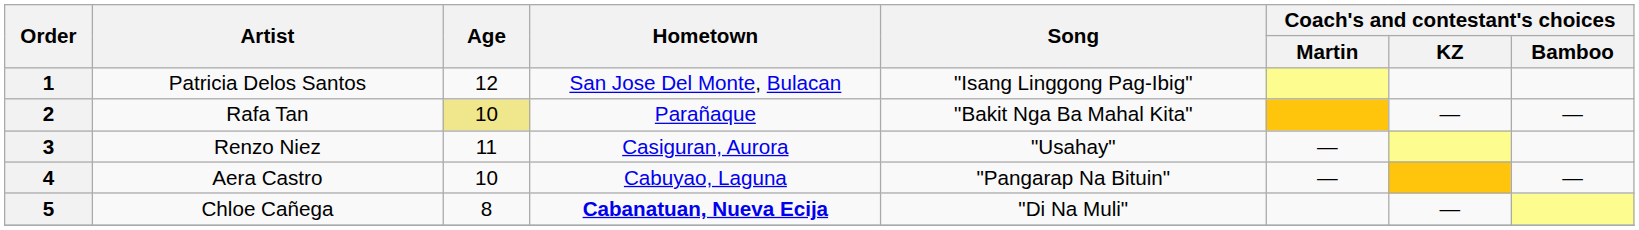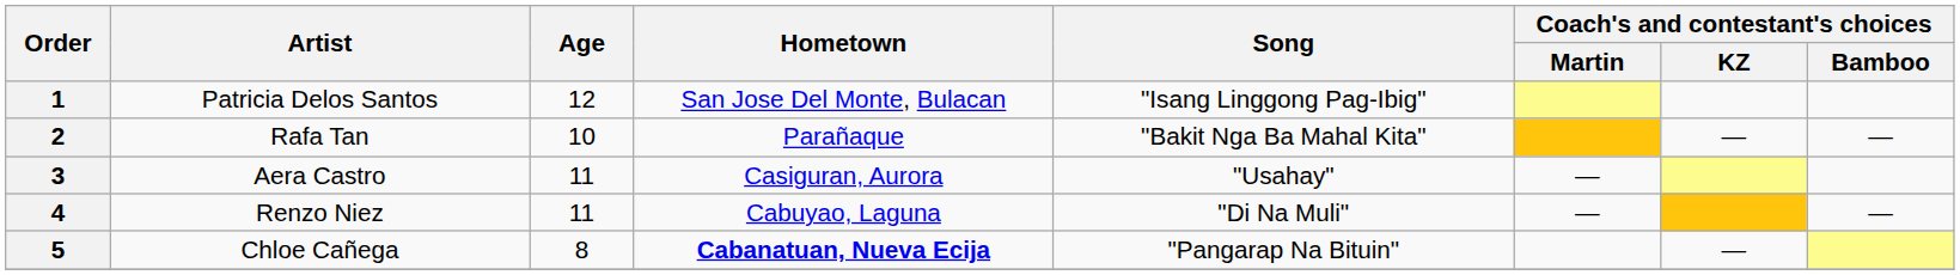 <table class="wikitable" style="text-align:center; line-height:17px; width:100%;">
 <tr>
 <th rowspan="2" scope="col" width="05%">Order</th>
 <th rowspan="2" scope="col" width="20%">Artist</th>
 <th rowspan="2" scope="col" width="05%">Age</th>
 <th rowspan="2" scope="col" width="20%">Hometown</th>
 <th rowspan="2" scope="col" width="22%">Song</th>
 <th colspan="3">Coach's and contestant's choices</th>
 </tr>
 <tr>
 <th width="07%">Martin</th>
 <th width="07%">KZ</th>
 <th width="07%">Bamboo</th>
 </tr>
 <tr>
 <th>1</th>
 <td>Patricia Delos Santos</td>
 <td>12</td>
 <td><a href='#'>San Jose Del Monte</a>, <a href='#'>Bulacan</a></td>
 <td>"Isang Linggong Pag-Ibig"</td>
 <td style="background:#fdfc8f;"><strong></strong></td>
 <td><strong></strong></td>
 <td><strong></strong></td>
 </tr>
 <tr>
 <th>2</th>
 <td>Rafa Tan</td>
-<td style="background: khaki;">10</td>
+<td>10</td>
 <td><a href='#'>Parañaque</a></td>
 <td>"Bakit Nga Ba Mahal Kita"</td>
 <td style="background:#FFC40C;"><strong></strong></td>
 <td>—</td>
 <td>—</td>
 </tr>
 <tr>
 <th>3</th>
-<td>Renzo Niez</td>
+<td>Aera Castro</td>
 <td>11</td>
 <td><a href='#'>Casiguran, Aurora</a></td>
 <td>"Usahay"</td>
 <td>—</td>
 <td style="background:#fdfc8f;"><strong></strong></td>
 <td><strong></strong></td>
 </tr>
 <tr>
 <th>4</th>
-<td>Aera Castro</td>
-<td>10</td>
+<td>Renzo Niez</td>
+<td>11</td>
 <td><a href='#'>Cabuyao, Laguna</a></td>
-<td>"Pangarap Na Bituin"</td>
+<td>"Di Na Muli"</td>
 <td>—</td>
 <td style="background:#FFC40C;"><strong></strong></td>
 <td>—</td>
 </tr>
 <tr>
 <th>5</th>
 <td>Chloe Cañega</td>
 <td>8</td>
 <td><strong><a href='#'>Cabanatuan, Nueva Ecija</a></strong></td>
-<td>"Di Na Muli"</td>
+<td>"Pangarap Na Bituin"</td>
 <td><strong></strong></td>
 <td>—</td>
 <td style="background:#fdfc8f;"><strong></strong></td>
 </tr>
 <tr>
 </tr>
 </table>
